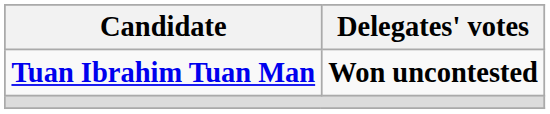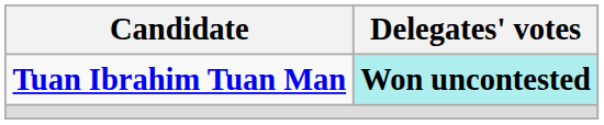 <table class="wikitable" style="text-align:center">
 <tr>
 <th>Candidate</th>
 <th>Delegates' votes</th>
 </tr>
 <tr>
 <td align="left"><strong><a href='#'>Tuan Ibrahim Tuan Man</a></strong></td>
-<td colspan="1"><strong>Won uncontested</strong></td>
+<td colspan="1" style="background: paleturquoise;"><strong>Won uncontested</strong></td>
 </tr>
 <tr>
 <td colspan="3" bgcolor="dcdcdc"></td>
 </tr>
 </table>
